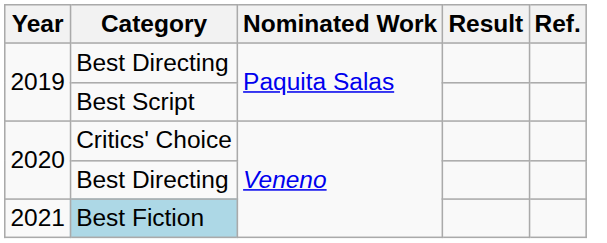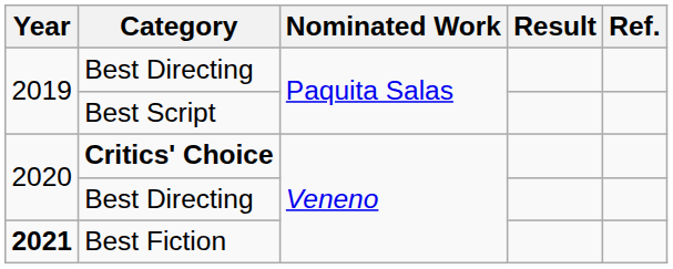 <table class="wikitable">
 <tr>
 <th>Year</th>
 <th>Category</th>
 <th>Nominated Work</th>
 <th>Result</th>
 <th>Ref.</th>
 </tr>
 <tr>
 <td rowspan="2">2019</td>
 <td>Best Directing</td>
 <td rowspan="2"><a href='#'>Paquita Salas</a></td>
 <td></td>
 <td></td>
 </tr>
 <tr>
 <td>Best Script</td>
 <td></td>
 <td></td>
 </tr>
 <tr>
 <td rowspan="2">2020</td>
-<td>Critics' Choice</td>
+<td><strong>Critics' Choice</strong></td>
 <td rowspan="3"><em><a href='#'>Veneno</a></em></td>
 <td></td>
 <td></td>
 </tr>
 <tr>
 <td>Best Directing</td>
 <td></td>
 <td></td>
 </tr>
 <tr>
-<td>2021</td>
-<td style="background: lightblue;">Best Fiction</td>
+<td><strong>2021</strong></td>
+<td>Best Fiction</td>
 <td></td>
 <td></td>
 </tr>
 </table>
